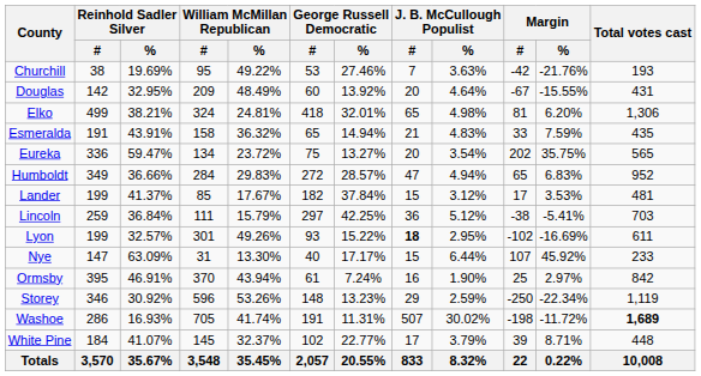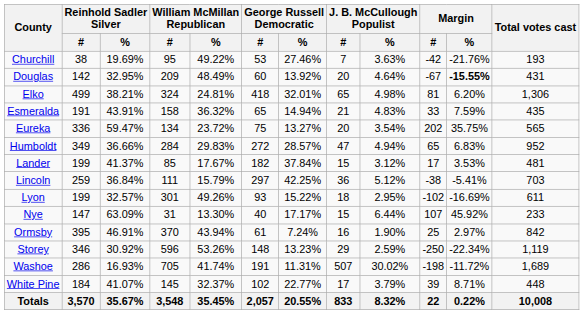 <table class="wikitable sortable" style="text-align:center">
 <tr>
 <th rowspan="2">County</th>
 <th style="text-align:center;" colspan="2">Reinhold Sadler<br>Silver</th>
 <th style="text-align:center;" colspan="2">William McMillan<br>Republican</th>
 <th style="text-align:center;" colspan="2">George Russell<br>Democratic</th>
 <th style="text-align:center;" colspan="2">J. B. McCullough<br>Populist</th>
 <th style="text-align:center;" colspan="2">Margin</th>
 <th style="text-align:center;" rowspan="2">Total votes cast</th>
 </tr>
 <tr>
 <th style="text-align:center;" data-sort-type="number">#</th>
 <th style="text-align:center;" data-sort-type="number">%</th>
 <th style="text-align:center;" data-sort-type="number">#</th>
 <th style="text-align:center;" data-sort-type="number">%</th>
 <th style="text-align:center;" data-sort-type="number">#</th>
 <th style="text-align:center;" data-sort-type="number">%</th>
 <th style="text-align:center;" data-sort-type="number">#</th>
 <th style="text-align:center;" data-sort-type="number">%</th>
 <th style="text-align:center;" data-sort-type="number">#</th>
 <th style="text-align:center;" data-sort-type="number">%</th>
 </tr>
 <tr style="text-align:center;">
 <td><a href='#'>Churchill</a></td>
 <td>38</td>
 <td>19.69%</td>
 <td>95</td>
 <td>49.22%</td>
 <td>53</td>
 <td>27.46%</td>
 <td>7</td>
 <td>3.63%</td>
 <td>-42</td>
 <td>-21.76%</td>
 <td>193</td>
 </tr>
 <tr style="text-align:center;">
 <td><a href='#'>Douglas</a></td>
 <td>142</td>
 <td>32.95%</td>
 <td>209</td>
 <td>48.49%</td>
 <td>60</td>
 <td>13.92%</td>
 <td>20</td>
 <td>4.64%</td>
 <td>-67</td>
-<td>-15.55%</td>
+<td><strong>-15.55%</strong></td>
 <td>431</td>
 </tr>
 <tr style="text-align:center;">
 <td><a href='#'>Elko</a></td>
 <td>499</td>
 <td>38.21%</td>
 <td>324</td>
 <td>24.81%</td>
 <td>418</td>
 <td>32.01%</td>
 <td>65</td>
 <td>4.98%</td>
 <td>81</td>
 <td>6.20%</td>
 <td>1,306</td>
 </tr>
 <tr style="text-align:center;">
 <td><a href='#'>Esmeralda</a></td>
 <td>191</td>
 <td>43.91%</td>
 <td>158</td>
 <td>36.32%</td>
 <td>65</td>
 <td>14.94%</td>
 <td>21</td>
 <td>4.83%</td>
 <td>33</td>
 <td>7.59%</td>
 <td>435</td>
 </tr>
 <tr style="text-align:center;">
 <td><a href='#'>Eureka</a></td>
 <td>336</td>
 <td>59.47%</td>
 <td>134</td>
 <td>23.72%</td>
 <td>75</td>
 <td>13.27%</td>
 <td>20</td>
 <td>3.54%</td>
 <td>202</td>
 <td>35.75%</td>
 <td>565</td>
 </tr>
 <tr style="text-align:center;">
 <td><a href='#'>Humboldt</a></td>
 <td>349</td>
 <td>36.66%</td>
 <td>284</td>
 <td>29.83%</td>
 <td>272</td>
 <td>28.57%</td>
 <td>47</td>
 <td>4.94%</td>
 <td>65</td>
 <td>6.83%</td>
 <td>952</td>
 </tr>
 <tr style="text-align:center;">
 <td><a href='#'>Lander</a></td>
 <td>199</td>
 <td>41.37%</td>
 <td>85</td>
 <td>17.67%</td>
 <td>182</td>
 <td>37.84%</td>
 <td>15</td>
 <td>3.12%</td>
 <td>17</td>
 <td>3.53%</td>
 <td>481</td>
 </tr>
 <tr style="text-align:center;">
 <td><a href='#'>Lincoln</a></td>
 <td>259</td>
 <td>36.84%</td>
 <td>111</td>
 <td>15.79%</td>
 <td>297</td>
 <td>42.25%</td>
 <td>36</td>
 <td>5.12%</td>
 <td>-38</td>
 <td>-5.41%</td>
 <td>703</td>
 </tr>
 <tr style="text-align:center;">
 <td><a href='#'>Lyon</a></td>
 <td>199</td>
 <td>32.57%</td>
 <td>301</td>
 <td>49.26%</td>
 <td>93</td>
 <td>15.22%</td>
-<td><strong>18</strong></td>
+<td>18</td>
 <td>2.95%</td>
 <td>-102</td>
 <td>-16.69%</td>
 <td>611</td>
 </tr>
 <tr style="text-align:center;">
 <td><a href='#'>Nye</a></td>
 <td>147</td>
 <td>63.09%</td>
 <td>31</td>
 <td>13.30%</td>
 <td>40</td>
 <td>17.17%</td>
 <td>15</td>
 <td>6.44%</td>
 <td>107</td>
 <td>45.92%</td>
 <td>233</td>
 </tr>
 <tr style="text-align:center;">
 <td><a href='#'>Ormsby</a></td>
 <td>395</td>
 <td>46.91%</td>
 <td>370</td>
 <td>43.94%</td>
 <td>61</td>
 <td>7.24%</td>
 <td>16</td>
 <td>1.90%</td>
 <td>25</td>
 <td>2.97%</td>
 <td>842</td>
 </tr>
 <tr style="text-align:center;">
 <td><a href='#'>Storey</a></td>
 <td>346</td>
 <td>30.92%</td>
 <td>596</td>
 <td>53.26%</td>
 <td>148</td>
 <td>13.23%</td>
 <td>29</td>
 <td>2.59%</td>
 <td>-250</td>
 <td>-22.34%</td>
 <td>1,119</td>
 </tr>
 <tr style="text-align:center;">
 <td><a href='#'>Washoe</a></td>
 <td>286</td>
 <td>16.93%</td>
 <td>705</td>
 <td>41.74%</td>
 <td>191</td>
 <td>11.31%</td>
 <td>507</td>
 <td>30.02%</td>
 <td>-198</td>
 <td>-11.72%</td>
-<td><strong>1,689</strong></td>
+<td>1,689</td>
 </tr>
 <tr style="text-align:center;">
 <td><a href='#'>White Pine</a></td>
 <td>184</td>
 <td>41.07%</td>
 <td>145</td>
 <td>32.37%</td>
 <td>102</td>
 <td>22.77%</td>
 <td>17</td>
 <td>3.79%</td>
 <td>39</td>
 <td>8.71%</td>
 <td>448</td>
 </tr>
 <tr style="text-align:center;">
 <th>Totals</th>
 <th>3,570</th>
 <th>35.67%</th>
 <th>3,548</th>
 <th>35.45%</th>
 <th>2,057</th>
 <th>20.55%</th>
 <th>833</th>
 <th>8.32%</th>
 <th>22</th>
 <th>0.22%</th>
 <th>10,008</th>
 </tr>
 </table>
